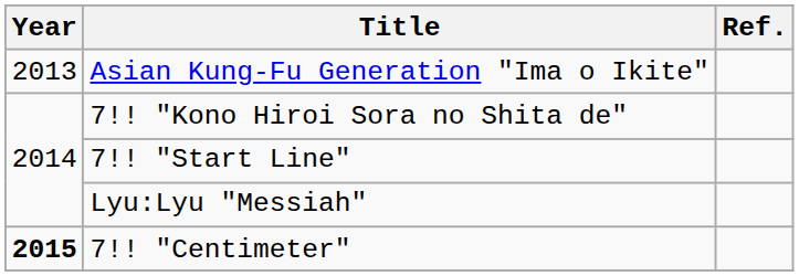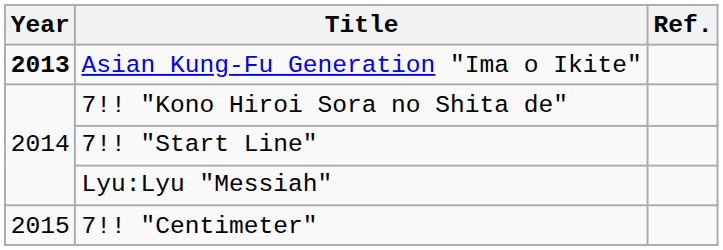 <table class="wikitable">
 <tr>
 <th>Year</th>
 <th>Title</th>
 <th>Ref.</th>
 </tr>
 <tr>
-<td>2013</td>
+<td><strong>2013</strong></td>
 <td><a href='#'>Asian Kung-Fu Generation</a> "Ima o Ikite"</td>
 <td></td>
 </tr>
 <tr>
 <td rowspan="3">2014</td>
 <td>7!! "Kono Hiroi Sora no Shita de"</td>
 <td></td>
 </tr>
 <tr>
 <td>7!! "Start Line"</td>
 <td></td>
 </tr>
 <tr>
 <td>Lyu:Lyu "Messiah"</td>
 <td></td>
 </tr>
 <tr>
-<td><strong>2015</strong></td>
+<td>2015</td>
 <td>7!! "Centimeter"</td>
 <td></td>
 </tr>
 </table>
